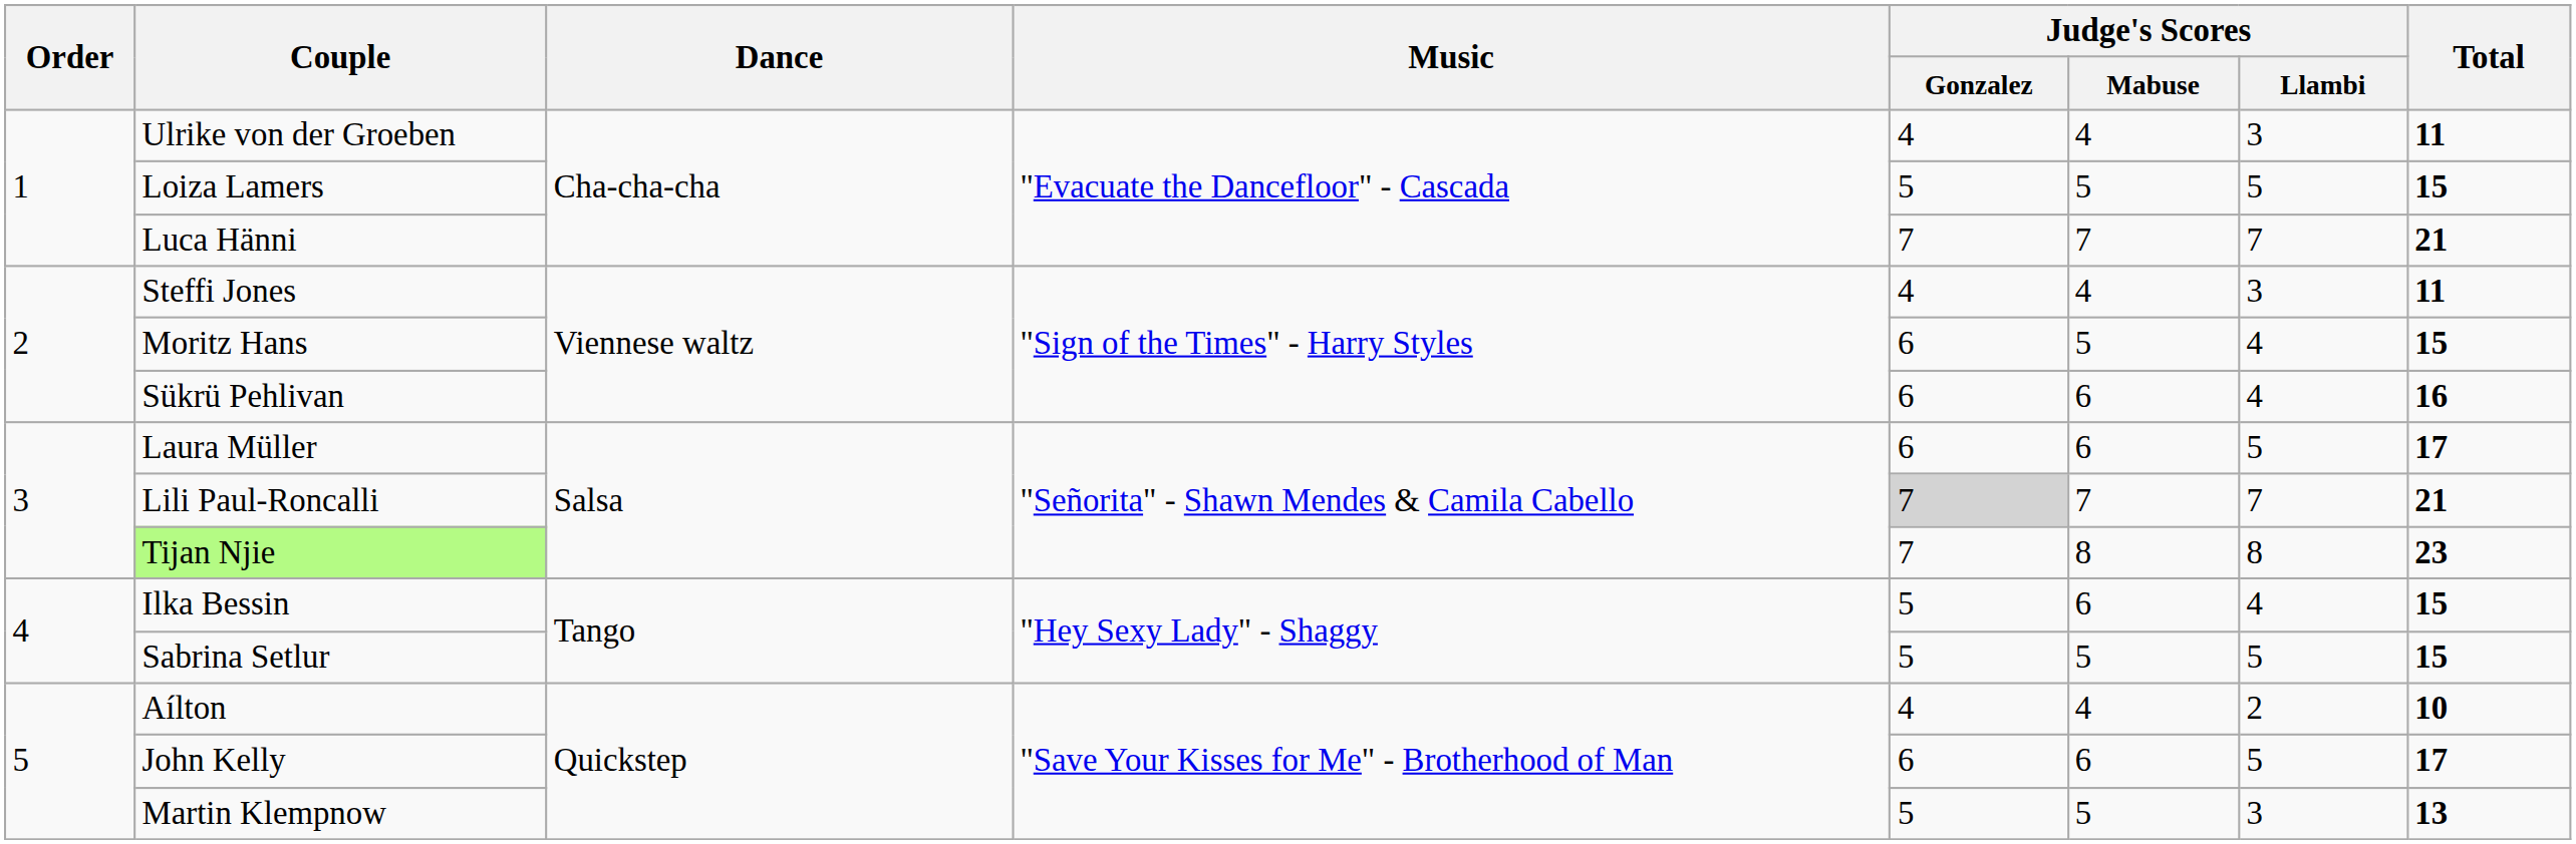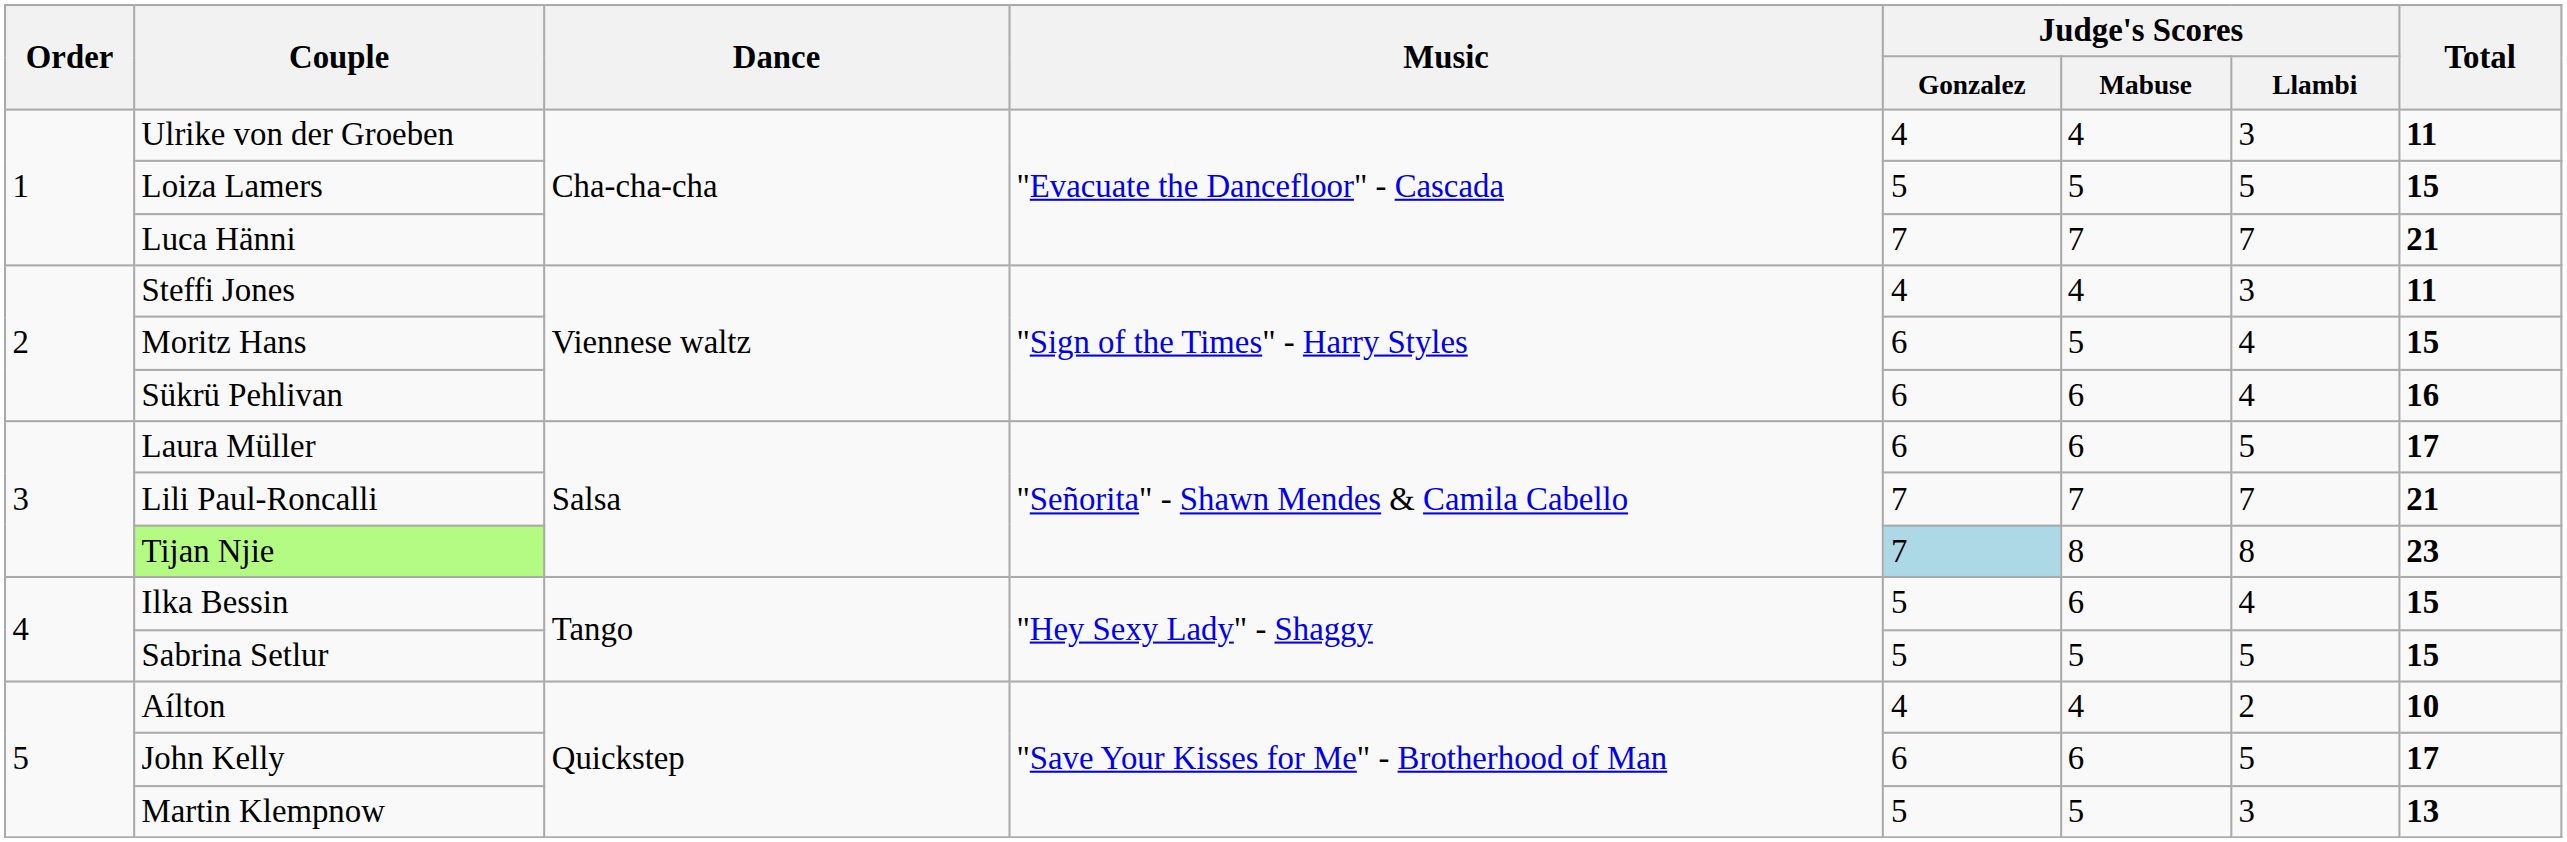 <table class="wikitable sortable center">
 <tr>
 <th rowspan="2" style="width: 4em">Order</th>
 <th rowspan="2" style="width: 17em">Couple</th>
 <th rowspan="2" style="width: 20em">Dance</th>
 <th rowspan="2" style="width: 40em">Music</th>
 <th colspan="3">Judge's Scores</th>
 <th rowspan="2" style="width: 6em">Total</th>
 </tr>
 <tr>
 <th style="width: 6em"><small>Gonzalez</small></th>
 <th style="width: 6em"><small>Mabuse</small></th>
 <th style="width: 6em"><small>Llambi</small></th>
 </tr>
 <tr>
 <td rowspan=3>1</td>
 <td>Ulrike von der Groeben</td>
 <td rowspan=3>Cha-cha-cha</td>
 <td rowspan=3>"<a href='#'>Evacuate the Dancefloor</a>" - <a href='#'>Cascada</a></td>
 <td>4</td>
 <td>4</td>
 <td>3</td>
 <td><strong>11</strong></td>
 </tr>
 <tr>
 <td>Loiza Lamers</td>
 <td>5</td>
 <td>5</td>
 <td>5</td>
 <td><strong>15</strong></td>
 </tr>
 <tr>
 <td>Luca Hänni</td>
 <td>7</td>
 <td>7</td>
 <td>7</td>
 <td><strong>21</strong></td>
 </tr>
 <tr>
 <td rowspan=3>2</td>
 <td>Steffi Jones</td>
 <td rowspan=3>Viennese waltz</td>
 <td rowspan=3>"<a href='#'>Sign of the Times</a>" - <a href='#'>Harry Styles</a></td>
 <td>4</td>
 <td>4</td>
 <td>3</td>
 <td><strong>11</strong></td>
 </tr>
 <tr>
 <td>Moritz Hans</td>
 <td>6</td>
 <td>5</td>
 <td>4</td>
 <td><strong>15</strong></td>
 </tr>
 <tr>
 <td>Sükrü Pehlivan</td>
 <td>6</td>
 <td>6</td>
 <td>4</td>
 <td><strong>16</strong></td>
 </tr>
 <tr>
 <td rowspan=3>3</td>
 <td>Laura Müller</td>
 <td rowspan=3>Salsa</td>
 <td rowspan=3>"<a href='#'>Señorita</a>" - <a href='#'>Shawn Mendes</a> & <a href='#'>Camila Cabello</a></td>
 <td>6</td>
 <td>6</td>
 <td>5</td>
 <td><strong>17</strong></td>
 </tr>
 <tr>
 <td>Lili Paul-Roncalli</td>
-<td style="background: lightgrey;">7</td>
+<td>7</td>
 <td>7</td>
 <td>7</td>
 <td><strong>21</strong></td>
 </tr>
 <tr>
 <td bgcolor=#B4FB84>Tijan Njie</td>
-<td>7</td>
+<td style="background: lightblue;">7</td>
 <td>8</td>
 <td>8</td>
 <td><strong>23</strong></td>
 </tr>
 <tr>
 <td rowspan=2>4</td>
 <td>Ilka Bessin</td>
 <td rowspan=2>Tango</td>
 <td rowspan=2>"<a href='#'>Hey Sexy Lady</a>" - <a href='#'>Shaggy</a></td>
 <td>5</td>
 <td>6</td>
 <td>4</td>
 <td><strong>15</strong></td>
 </tr>
 <tr>
 <td>Sabrina Setlur</td>
 <td>5</td>
 <td>5</td>
 <td>5</td>
 <td><strong>15</strong></td>
 </tr>
 <tr>
 <td rowspan=3>5</td>
 <td>Aílton</td>
 <td rowspan=3>Quickstep</td>
 <td rowspan=3>"<a href='#'>Save Your Kisses for Me</a>" - <a href='#'>Brotherhood of Man</a></td>
 <td>4</td>
 <td>4</td>
 <td>2</td>
 <td><strong>10</strong></td>
 </tr>
 <tr>
 <td>John Kelly</td>
 <td>6</td>
 <td>6</td>
 <td>5</td>
 <td><strong>17</strong></td>
 </tr>
 <tr>
 <td>Martin Klempnow</td>
 <td>5</td>
 <td>5</td>
 <td>3</td>
 <td><strong>13</strong></td>
 </tr>
 </table>
